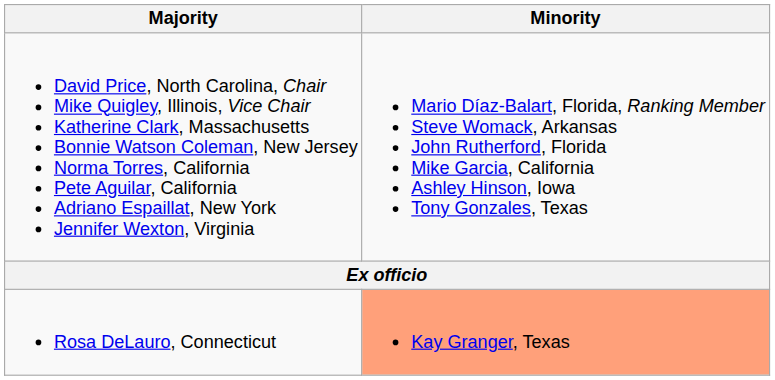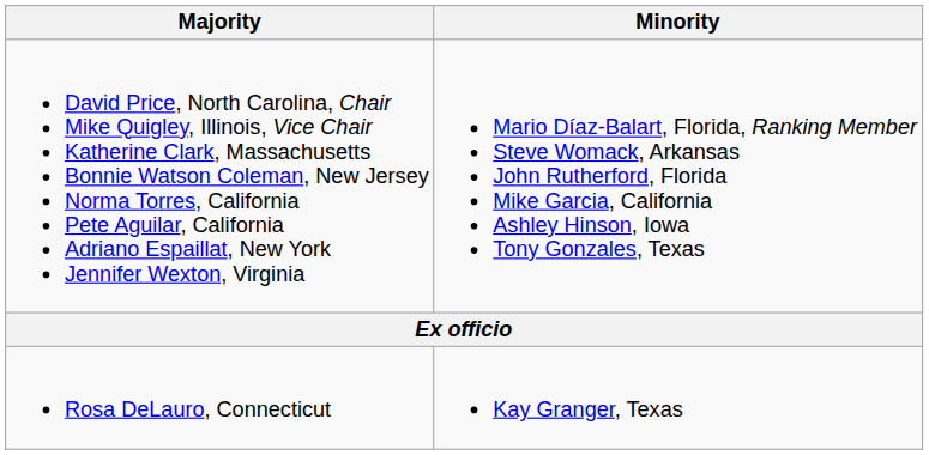 <table class=wikitable>
 <tr>
 <th>Majority</th>
 <th>Minority</th>
 </tr>
 <tr>
 <td><br><ul><li><a href='#'>David Price</a>, North Carolina, <em>Chair</em></li><li><a href='#'>Mike Quigley</a>, Illinois, <em>Vice Chair</em></li><li><a href='#'>Katherine Clark</a>, Massachusetts</li><li><a href='#'>Bonnie Watson Coleman</a>, New Jersey</li><li><a href='#'>Norma Torres</a>, California</li><li><a href='#'>Pete Aguilar</a>, California</li><li><a href='#'>Adriano Espaillat</a>, New York</li><li><a href='#'>Jennifer Wexton</a>, Virginia</li></ul></td>
 <td><br><ul><li><a href='#'>Mario Díaz-Balart</a>, Florida, <em>Ranking Member</em></li><li><a href='#'>Steve Womack</a>, Arkansas</li><li><a href='#'>John Rutherford</a>, Florida</li><li><a href='#'>Mike Garcia</a>, California</li><li><a href='#'>Ashley Hinson</a>, Iowa</li><li><a href='#'>Tony Gonzales</a>, Texas</li></ul></td>
 </tr>
 <tr>
 <th colspan=2><em>Ex officio</em></th>
 </tr>
 <tr>
 <td><br><ul><li><a href='#'>Rosa DeLauro</a>, Connecticut</li></ul></td>
-<td style="background: lightsalmon;"><br><ul><li><a href='#'>Kay Granger</a>, Texas</li></ul></td>
+<td><br><ul><li><a href='#'>Kay Granger</a>, Texas</li></ul></td>
 </tr>
 </table>
